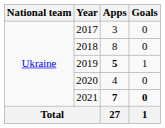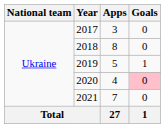 <table class="wikitable" style="text-align:center">
 <tr>
 <th>National team</th>
 <th>Year</th>
 <th>Apps</th>
 <th>Goals</th>
 </tr>
 <tr>
 <td rowspan="5"><a href='#'>Ukraine</a></td>
 <td>2017</td>
 <td>3</td>
 <td>0</td>
 </tr>
 <tr>
 <td>2018</td>
 <td>8</td>
 <td>0</td>
 </tr>
 <tr>
 <td>2019</td>
-<td><strong>5</strong></td>
+<td>5</td>
 <td>1</td>
 </tr>
 <tr>
 <td>2020</td>
 <td>4</td>
-<td>0</td>
+<td style="background: pink;">0</td>
 </tr>
 <tr>
 <td>2021</td>
-<td><strong>7</strong></td>
-<td><strong>0</strong></td>
+<td>7</td>
+<td>0</td>
 </tr>
 <tr>
 <th colspan="2">Total</th>
 <th>27</th>
 <th>1</th>
 </tr>
 </table>
